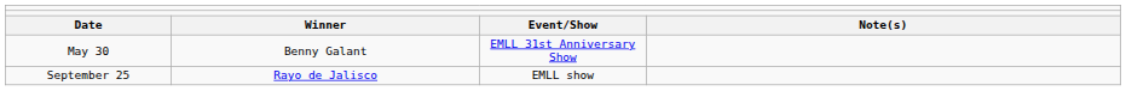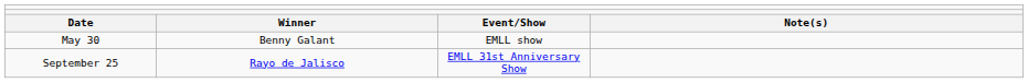 <table class="wikitable" style="text-align:center; width:100%;">
 <tr>
 <td colspan=5></td>
 </tr>
 <tr>
 <td colspan=5><strong></strong></td>
 </tr>
 <tr>
 <th width=14%>Date</th>
 <th width=26%>Winner</th>
 <th width=14%>Event/Show</th>
 <th width=40%>Note(s)</th>
 </tr>
 <tr>
 <td>May 30</td>
 <td>Benny Galant</td>
-<td><a href='#'>EMLL 31st Anniversary Show</a></td>
+<td>EMLL show</td>
 <td align=left></td>
 </tr>
 <tr>
 <td>September 25</td>
 <td><a href='#'>Rayo de Jalisco</a></td>
-<td>EMLL show</td>
+<td><a href='#'>EMLL 31st Anniversary Show</a></td>
 <td align=left></td>
 </tr>
 </table>
